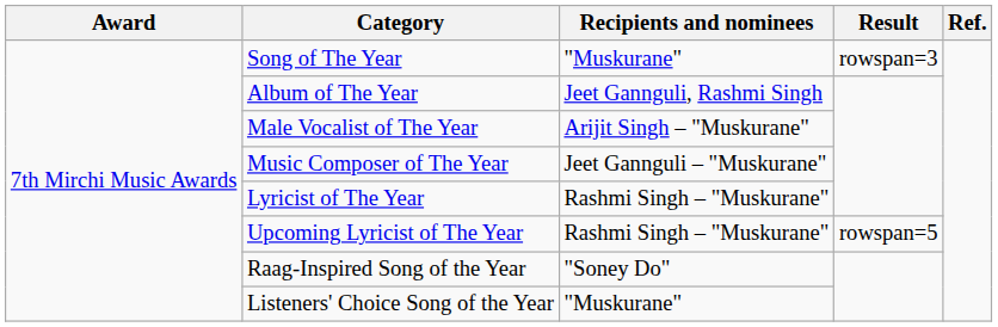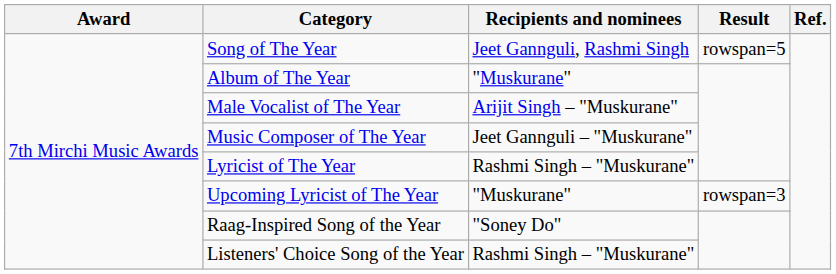 <table class="wikitable sortable">
 <tr>
 <th>Award</th>
 <th>Category</th>
 <th>Recipients and nominees</th>
 <th>Result</th>
 <th>Ref.</th>
 </tr>
 <tr>
 <td rowspan=8><a href='#'>7th Mirchi Music Awards</a></td>
 <td><a href='#'>Song of The Year</a></td>
-<td>"<a href='#'>Muskurane</a>"</td>
-<td>rowspan=3 </td>
+<td><a href='#'>Jeet Gannguli</a>, <a href='#'>Rashmi Singh</a></td>
+<td>rowspan=5 </td>
 <td rowspan=8></td>
 </tr>
 <tr>
 <td><a href='#'>Album of The Year</a></td>
-<td><a href='#'>Jeet Gannguli</a>, <a href='#'>Rashmi Singh</a></td>
+<td>"<a href='#'>Muskurane</a>"</td>
 </tr>
 <tr>
 <td><a href='#'>Male Vocalist of The Year</a></td>
 <td><a href='#'>Arijit Singh</a> – "Muskurane"</td>
 </tr>
 <tr>
 <td><a href='#'>Music Composer of The Year</a></td>
 <td>Jeet Gannguli – "Muskurane"</td>
 </tr>
 <tr>
 <td><a href='#'>Lyricist of The Year</a></td>
 <td>Rashmi Singh – "Muskurane"</td>
 </tr>
 <tr>
 <td><a href='#'>Upcoming Lyricist of The Year</a></td>
-<td>Rashmi Singh – "Muskurane"</td>
-<td>rowspan=5 </td>
+<td>"Muskurane"</td>
+<td>rowspan=3 </td>
 </tr>
 <tr>
 <td>Raag-Inspired Song of the Year</td>
 <td>"Soney Do"</td>
 </tr>
 <tr>
 <td>Listeners' Choice Song of the Year</td>
-<td>"Muskurane"</td>
+<td>Rashmi Singh – "Muskurane"</td>
 </tr>
 </table>
